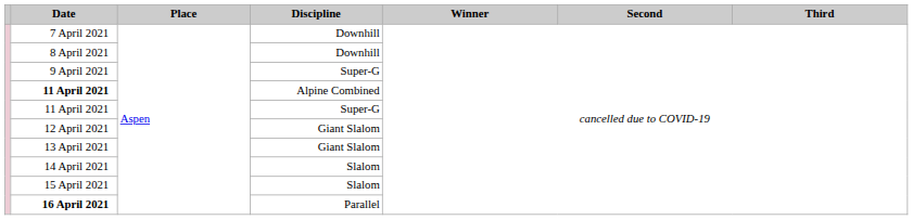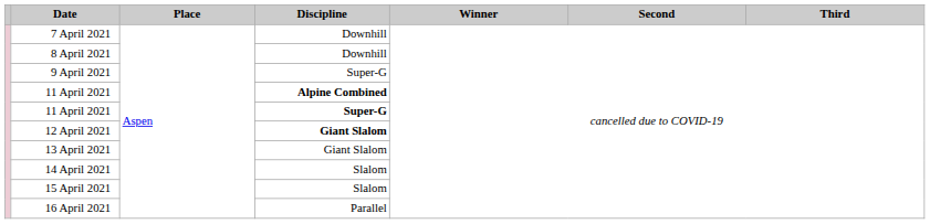 <table class="wikitable plainrowheaders" style="background:#fff; font-size:86%; line-height:16px; border:grey solid 1px; border-collapse:collapse;">
 <tr style="background:#ccc; text-align:center;">
 <th scope="col" style="background:#ccc; width=30 px;"></th>
 <th scope="col" style="background:#ccc; width:120px;">Date</th>
 <th scope="col" style="background:#ccc; width:150px;">Place</th>
 <th scope="col" style="background:#ccc; width:150px;">Discipline</th>
 <th scope="col" style="background:#ccc; width:200px;">Winner</th>
 <th scope="col" style="background:#ccc; width:200px;">Second</th>
 <th scope="col" style="background:#ccc; width:200px;">Third</th>
 </tr>
 <tr>
 <td rowspan=10 bgcolor="EDCCD5"></td>
 <td align=right>7 April 2021  </td>
 <td rowspan=10> <a href='#'>Aspen</a></td>
 <td align=right>Downhill</td>
 <td rowspan=20 colspan=3 align=center><em>cancelled due to COVID-19</em></td>
 </tr>
 <tr>
 <td align=right>8 April 2021  </td>
 <td align=right>Downhill</td>
 </tr>
 <tr>
 <td align=right>9 April 2021  </td>
 <td align=right>Super-G</td>
 </tr>
 <tr>
-<td align=right><strong>11 April 2021  </strong></td>
-<td align=right>Alpine Combined</td>
+<td align=right>11 April 2021  </td>
+<td align=right><strong>Alpine Combined</strong></td>
 </tr>
 <tr>
 <td align=right>11 April 2021  </td>
-<td align=right>Super-G</td>
+<td align=right><strong>Super-G</strong></td>
 </tr>
 <tr>
 <td align=right>12 April 2021  </td>
-<td align=right>Giant Slalom</td>
+<td align=right><strong>Giant Slalom</strong></td>
 </tr>
 <tr>
 <td align=right>13 April 2021  </td>
 <td align=right>Giant Slalom</td>
 </tr>
 <tr>
 <td align=right>14 April 2021  </td>
 <td align=right>Slalom</td>
 </tr>
 <tr>
 <td align=right>15 April 2021  </td>
 <td align=right>Slalom</td>
 </tr>
 <tr>
-<td align=right><strong>16 April 2021  </strong></td>
+<td align=right>16 April 2021  </td>
 <td align=right>Parallel</td>
 </tr>
 </table>
